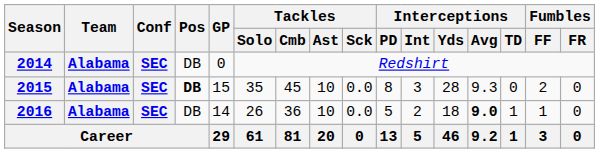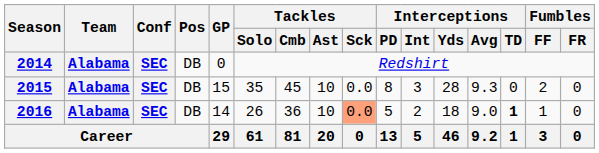 <table class="wikitable" style="text-align:center;">
 <tr>
 <th rowspan="2">Season</th>
 <th rowspan="2">Team</th>
 <th rowspan="2">Conf</th>
 <th rowspan="2">Pos</th>
 <th rowspan="2">GP</th>
 <th colspan="4">Tackles</th>
 <th colspan="5">Interceptions</th>
 <th colspan="2">Fumbles</th>
 </tr>
 <tr>
 <th>Solo</th>
 <th>Cmb</th>
 <th>Ast</th>
 <th>Sck</th>
 <th>PD</th>
 <th>Int</th>
 <th>Yds</th>
 <th>Avg</th>
 <th>TD</th>
 <th>FF</th>
 <th>FR</th>
 </tr>
 <tr>
 <th><a href='#'>2014</a></th>
 <th><a href='#'>Alabama</a></th>
 <th><a href='#'>SEC</a></th>
 <td>DB</td>
 <td>0</td>
 <td colspan="11"> <em><a href='#'>Redshirt</a></em></td>
 </tr>
 <tr>
 <th><a href='#'>2015</a></th>
 <th><a href='#'>Alabama</a></th>
 <th><a href='#'>SEC</a></th>
-<td><strong>DB</strong></td>
+<td>DB</td>
 <td>15</td>
 <td>35</td>
 <td>45</td>
 <td>10</td>
 <td>0.0</td>
 <td>8</td>
 <td>3</td>
 <td>28</td>
 <td>9.3</td>
 <td>0</td>
 <td>2</td>
 <td>0</td>
 </tr>
 <tr>
 <th><a href='#'>2016</a></th>
 <th><a href='#'>Alabama</a></th>
 <th><a href='#'>SEC</a></th>
 <td>DB</td>
 <td>14</td>
 <td>26</td>
 <td>36</td>
 <td>10</td>
-<td>0.0</td>
+<td style="background: lightsalmon;">0.0</td>
 <td>5</td>
 <td>2</td>
 <td>18</td>
-<td><strong>9.0</strong></td>
-<td>1</td>
+<td>9.0</td>
+<td><strong>1</strong></td>
 <td>1</td>
 <td>0</td>
 </tr>
 <tr>
 <th colspan="4">Career</th>
 <th>29</th>
 <th>61</th>
 <th>81</th>
 <th>20</th>
 <th>0</th>
 <th>13</th>
 <th>5</th>
 <th>46</th>
 <th>9.2</th>
 <th>1</th>
 <th>3</th>
 <th>0</th>
 </tr>
 </table>
